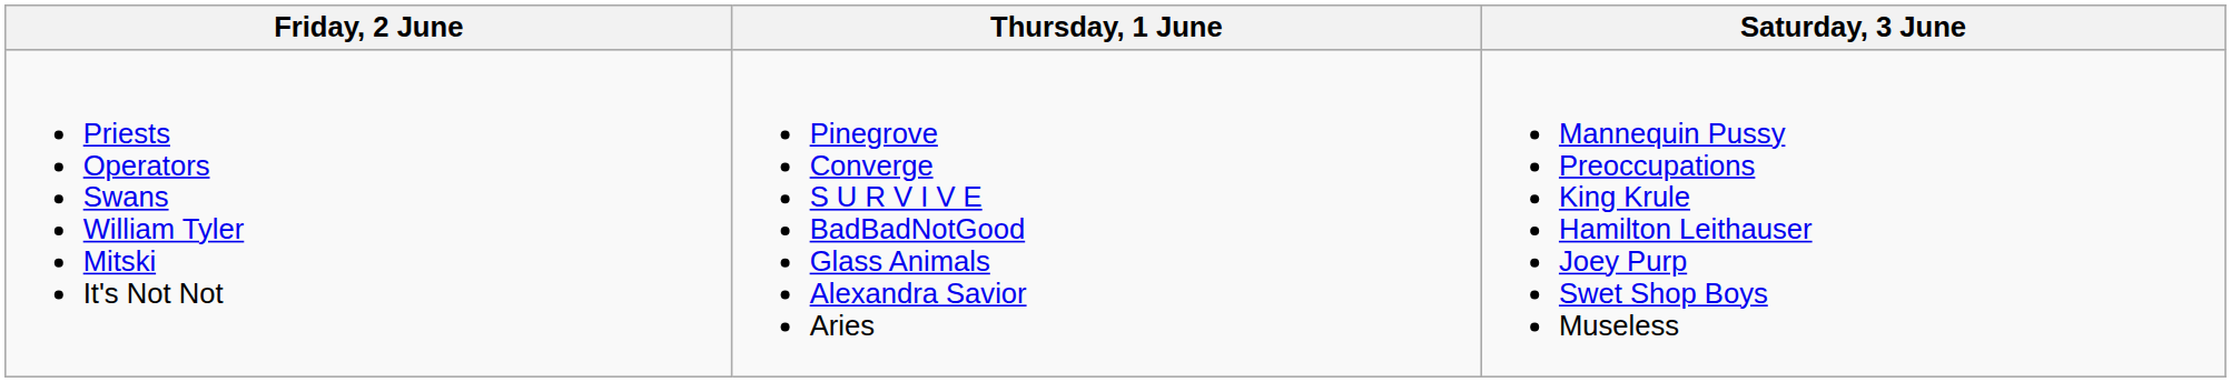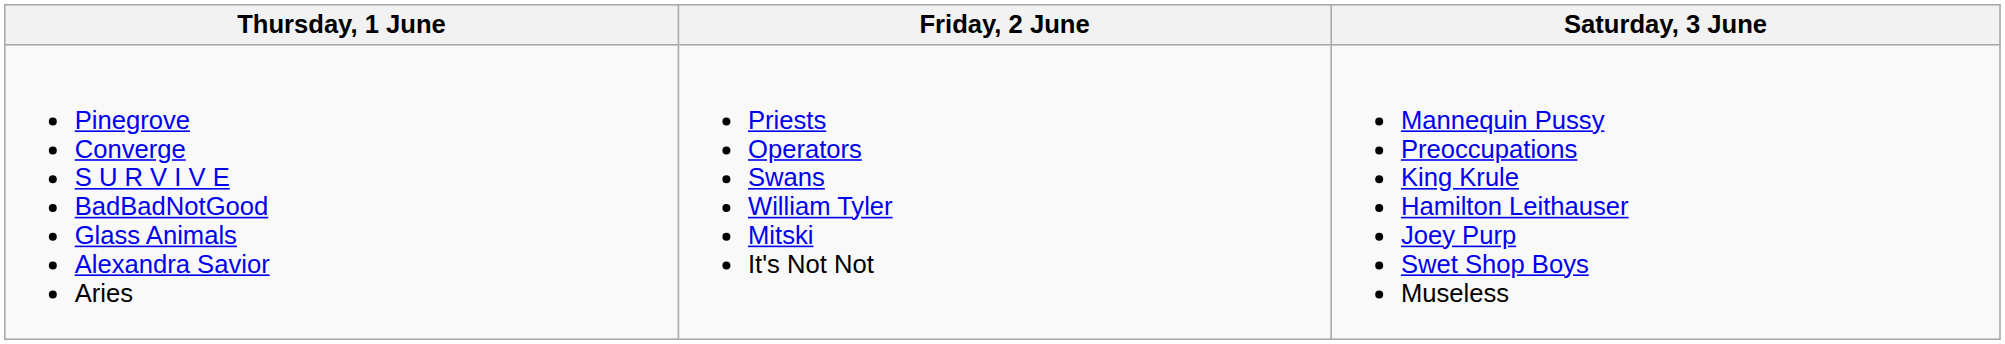 <table class="wikitable">
 <tr>
+<th width="500">Thursday, 1 June</th>
 <th width="500">Friday, 2 June</th>
-<th width="500">Thursday, 1 June</th>
 <th width="500">Saturday, 3 June</th>
 </tr>
 <tr valign="top">
+<td><br><ul><li><a href='#'>Pinegrove</a></li><li><a href='#'>Converge</a></li><li><a href='#'>S U R V I V E</a></li><li><a href='#'>BadBadNotGood</a></li><li><a href='#'>Glass Animals</a></li><li><a href='#'>Alexandra Savior</a></li><li>Aries</li></ul></td>
 <td><br><ul><li><a href='#'>Priests</a></li><li><a href='#'>Operators</a></li><li><a href='#'>Swans</a></li><li><a href='#'>William Tyler</a></li><li><a href='#'>Mitski</a></li><li>It's Not Not</li></ul></td>
-<td><br><ul><li><a href='#'>Pinegrove</a></li><li><a href='#'>Converge</a></li><li><a href='#'>S U R V I V E</a></li><li><a href='#'>BadBadNotGood</a></li><li><a href='#'>Glass Animals</a></li><li><a href='#'>Alexandra Savior</a></li><li>Aries</li></ul></td>
 <td><br><ul><li><a href='#'>Mannequin Pussy</a></li><li><a href='#'>Preoccupations</a></li><li><a href='#'>King Krule</a></li><li><a href='#'>Hamilton Leithauser</a></li><li><a href='#'>Joey Purp</a></li><li><a href='#'>Swet Shop Boys</a></li><li>Museless</li></ul></td>
 </tr>
 </table>
